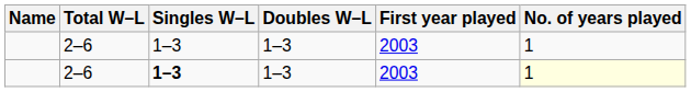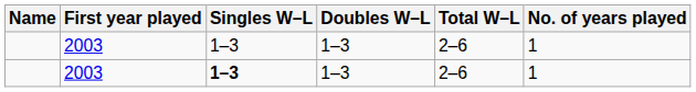 <table class="sortable wikitable">
 <tr>
 <th>Name</th>
-<th>Total W–L</th>
+<th>First year played</th>
 <th>Singles W–L</th>
 <th>Doubles W–L</th>
-<th>First year played</th>
+<th>Total W–L</th>
 <th>No. of years played</th>
 </tr>
 <tr>
 <td></td>
-<td>2–6</td>
+<td><a href='#'>2003</a></td>
 <td>1–3</td>
 <td>1–3</td>
-<td><a href='#'>2003</a></td>
+<td>2–6</td>
 <td>1</td>
 </tr>
 <tr>
 <td></td>
-<td>2–6</td>
+<td><a href='#'>2003</a></td>
 <td><strong>1–3</strong></td>
 <td>1–3</td>
-<td><a href='#'>2003</a></td>
-<td style="background: lightyellow;">1</td>
+<td>2–6</td>
+<td>1</td>
 </tr>
 </table>
